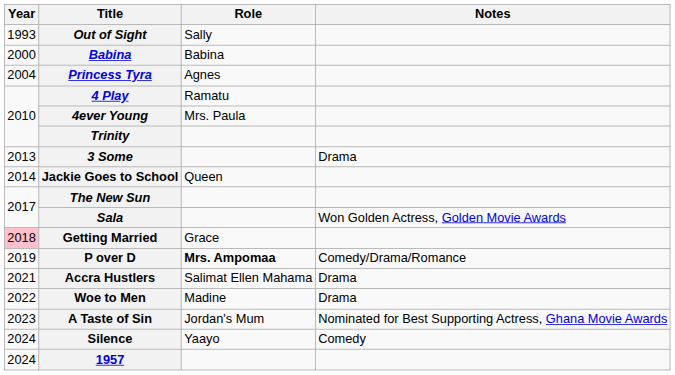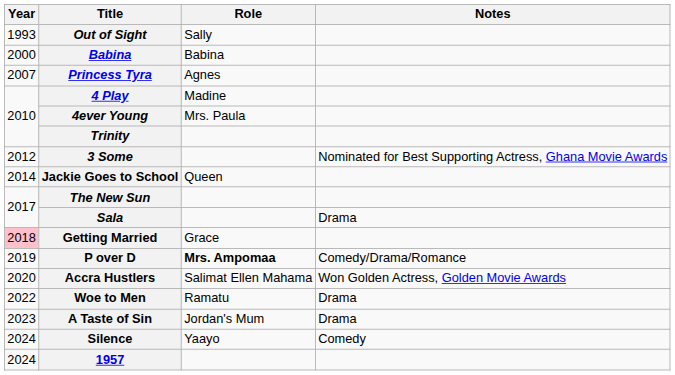 <table class="wikitable plainrowheaders sortable">
 <tr>
 <th scope="col">Year</th>
 <th scope="col">Title</th>
 <th>Role</th>
 <th class="unsortable">Notes</th>
 </tr>
 <tr>
 <td>1993</td>
 <th scope="row"><em>Out of Sight</em></th>
 <td>Sally</td>
 <td></td>
 </tr>
 <tr>
 <td>2000</td>
 <th scope="row"><em><a href='#'>Babina</a></em></th>
 <td>Babina</td>
 <td></td>
 </tr>
 <tr>
-<td>2004</td>
+<td>2007</td>
 <th scope="row"><em><a href='#'>Princess Tyra</a></em></th>
 <td>Agnes</td>
 <td></td>
 </tr>
 <tr>
 <td rowspan="3">2010</td>
 <th scope="row"><em><a href='#'>4 Play</a></em></th>
-<td>Ramatu</td>
+<td>Madine</td>
 <td></td>
 </tr>
 <tr>
 <th scope="row"><em>4ever Young</em></th>
 <td>Mrs. Paula</td>
 <td></td>
 </tr>
 <tr>
 <th scope="row"><em>Trinity</em></th>
 <td></td>
 <td></td>
 </tr>
 <tr>
-<td>2013</td>
+<td>2012</td>
 <th scope="row"><em>3 Some</em></th>
 <td></td>
-<td>Drama</td>
+<td>Nominated for Best Supporting Actress, <a href='#'>Ghana Movie Awards</a></td>
 </tr>
 <tr>
 <td>2014</td>
 <th>Jackie Goes to School</th>
 <td>Queen</td>
 <td></td>
 </tr>
 <tr>
 <td rowspan="2">2017</td>
 <th scope="row"><em>The New Sun</em></th>
 <td></td>
 <td></td>
 </tr>
 <tr>
 <th scope="row"><em>Sala</em></th>
 <td></td>
-<td>Won Golden Actress, <a href='#'>Golden Movie Awards</a></td>
+<td>Drama</td>
 </tr>
 <tr>
 <td style="background: pink;">2018</td>
 <th>Getting Married</th>
 <td>Grace</td>
 <td></td>
 </tr>
 <tr>
 <td>2019</td>
 <th>P over D</th>
 <td><strong>Mrs. Ampomaa</strong></td>
 <td>Comedy/Drama/Romance</td>
 </tr>
 <tr>
-<td>2021</td>
+<td>2020</td>
 <th>Accra Hustlers</th>
 <td>Salimat Ellen Mahama</td>
-<td>Drama</td>
+<td>Won Golden Actress, <a href='#'>Golden Movie Awards</a></td>
 </tr>
 <tr>
 <td>2022</td>
 <th>Woe to Men</th>
-<td>Madine</td>
+<td>Ramatu</td>
 <td>Drama</td>
 </tr>
 <tr>
 <td>2023</td>
 <th>A Taste of Sin</th>
 <td>Jordan's Mum</td>
-<td>Nominated for Best Supporting Actress, <a href='#'>Ghana Movie Awards</a></td>
+<td>Drama</td>
 </tr>
 <tr>
 <td>2024</td>
 <th>Silence</th>
 <td>Yaayo</td>
 <td>Comedy</td>
 </tr>
 <tr>
 <td>2024</td>
 <th><a href='#'>1957</a></th>
 <td></td>
 <td></td>
 </tr>
 </table>
